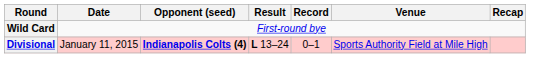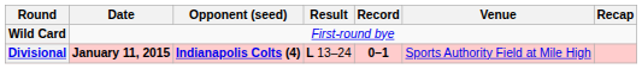 <table class="wikitable" style="text-align:center">
 <tr>
 <th>Round</th>
 <th>Date</th>
 <th>Opponent (seed)</th>
 <th>Result</th>
 <th>Record</th>
 <th>Venue</th>
 <th>Recap</th>
 </tr>
 <tr>
 <th>Wild Card</th>
 <td colspan="6"><em><a href='#'>First-round bye</a></em></td>
 </tr>
 <tr style="background:#fcc">
 <th><a href='#'>Divisional</a></th>
-<td>January 11, 2015</td>
+<td><strong>January 11, 2015</strong></td>
 <td><strong><a href='#'>Indianapolis Colts</a> (4)</strong></td>
 <td><strong>L</strong> 13–24</td>
-<td>0–1</td>
+<td><strong>0–1</strong></td>
 <td><a href='#'>Sports Authority Field at Mile High</a></td>
 <td></td>
 </tr>
 </table>
